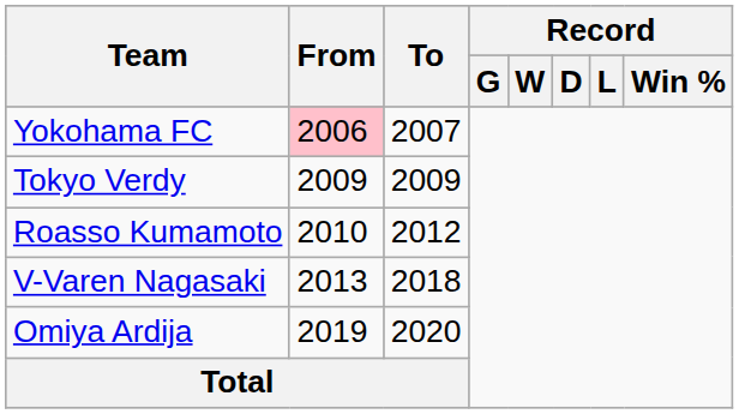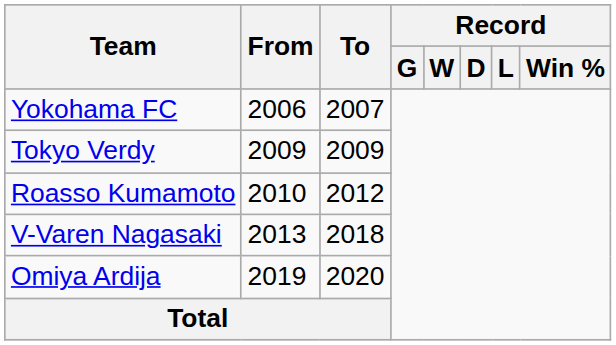 <table class="wikitable" style="text-align: center">
 <tr>
 <th rowspan="2">Team</th>
 <th rowspan="2">From</th>
 <th rowspan="2">To</th>
 <th colspan="5">Record</th>
 </tr>
 <tr>
 <th>G</th>
 <th>W</th>
 <th>D</th>
 <th>L</th>
 <th>Win %</th>
 </tr>
 <tr>
 <td align="left"><a href='#'>Yokohama FC</a></td>
-<td align="left" style="background: pink;">2006</td>
+<td align="left">2006</td>
 <td align="left">2007<br></td>
 </tr>
 <tr>
 <td align="left"><a href='#'>Tokyo Verdy</a></td>
 <td align="left">2009</td>
 <td align="left">2009<br></td>
 </tr>
 <tr>
 <td align="left"><a href='#'>Roasso Kumamoto</a></td>
 <td align="left">2010</td>
 <td align="left">2012<br></td>
 </tr>
 <tr>
 <td align="left"><a href='#'>V-Varen Nagasaki</a></td>
 <td align="left">2013</td>
 <td align="left">2018<br></td>
 </tr>
 <tr>
 <td align="left"><a href='#'>Omiya Ardija</a></td>
 <td align="left">2019</td>
 <td align="left">2020<br></td>
 </tr>
 <tr>
 <th colspan="3">Total<br></th>
 </tr>
 </table>
